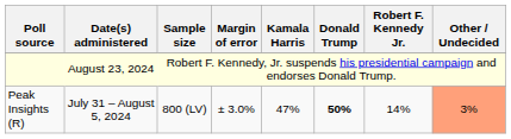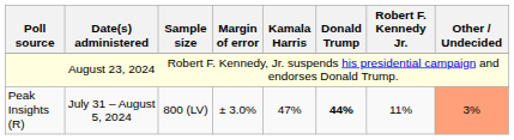 <table class="wikitable sortable mw-datatable" style="font-size:90%;text-align:center;line-height:17px">
 <tr valign=bottom>
 <th>Poll source</th>
 <th>Date(s)<br>administered</th>
 <th>Sample<br>size</th>
 <th>Margin<br>of error</th>
 <th class="unsortable">Kamala<br>Harris<br></th>
 <th class="unsortable">Donald<br>Trump<br></th>
 <th class="unsortable">Robert F.<br>Kennedy Jr.<br></th>
 <th class="unsortable">Other /<br>Undecided</th>
 </tr>
 <tr>
 </tr>
 <tr style="background:lightyellow;">
 <td style="border-right-style:hidden; background:lightyellow;"></td>
 <td style="border-right-style:hidden; " data-sort-value="2024-07-21">August 23, 2024</td>
 <td colspan="6">Robert F. Kennedy, Jr. suspends <a href='#'>his presidential campaign</a> and endorses Donald Trump.</td>
 </tr>
 <tr>
 <td style="text-align:left;">Peak Insights (R)</td>
 <td data-sort-value="2024-08-05">July 31 – August 5, 2024</td>
 <td>800 (LV)</td>
 <td>± 3.0%</td>
 <td>47%</td>
-<td style="background-color:"><strong>50%</strong></td>
-<td>14%</td>
+<td style="background-color:"><strong>44%</strong></td>
+<td>11%</td>
 <td style="background: lightsalmon;">3%</td>
 </tr>
 </table>
